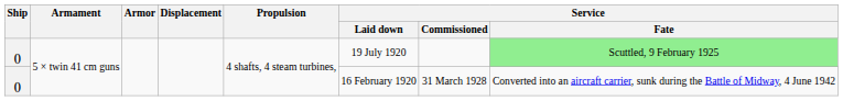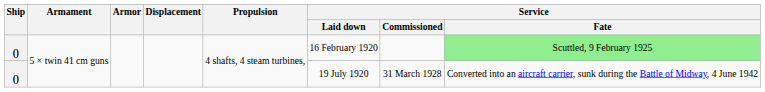 <table class="wikitable plainrowheaders" style="text-align: center;">
 <tr valign="top">
 <th scope="col" rowspan="2">Ship</th>
 <th scope="col" rowspan="2">Armament</th>
 <th scope="col" rowspan="2">Armor</th>
 <th scope="col" rowspan="2">Displacement</th>
 <th scope="col" rowspan="2">Propulsion</th>
 <th scope="col" colspan="3">Service</th>
 </tr>
 <tr valign="top">
 <th scope="col">Laid down</th>
 <th scope="col">Commissioned</th>
 <th scope="col">Fate</th>
 </tr>
 <tr valign="center">
 <th scope="row"><br>()</th>
 <td rowspan="2">5 × twin 41 cm guns</td>
 <td rowspan="2"> </td>
 <td rowspan="2"></td>
 <td rowspan="2">4 shafts, 4 steam turbines,<br></td>
-<td>19 July 1920</td>
+<td>16 February 1920</td>
 <td></td>
 <td style="background: lightgreen;">Scuttled, 9 February 1925</td>
 </tr>
 <tr valign="center">
 <th scope="row"><br>()</th>
-<td>16 February 1920</td>
+<td>19 July 1920</td>
 <td>31 March 1928</td>
 <td>Converted into an <a href='#'>aircraft carrier</a>, sunk during the <a href='#'>Battle of Midway</a>, 4 June 1942</td>
 </tr>
 </table>
